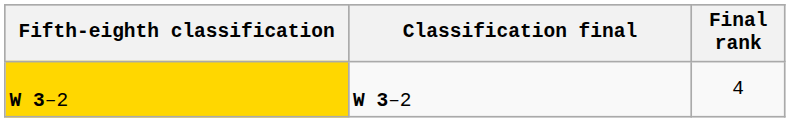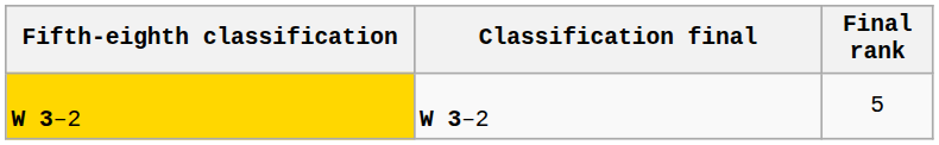 <table class="wikitable" style="text-align:left; font-size:90%">
 <tr>
 <th width=200>Fifth-eighth classification</th>
 <th width=200>Classification final</th>
 <th width=50>Final rank</th>
 </tr>
 <tr>
 <td style="background: gold;"><br><strong>W</strong> <strong>3</strong>–2</td>
 <td><br><strong>W</strong> <strong>3</strong>–2</td>
-<td align=center>4</td>
+<td align=center>5</td>
 </tr>
 </table>
